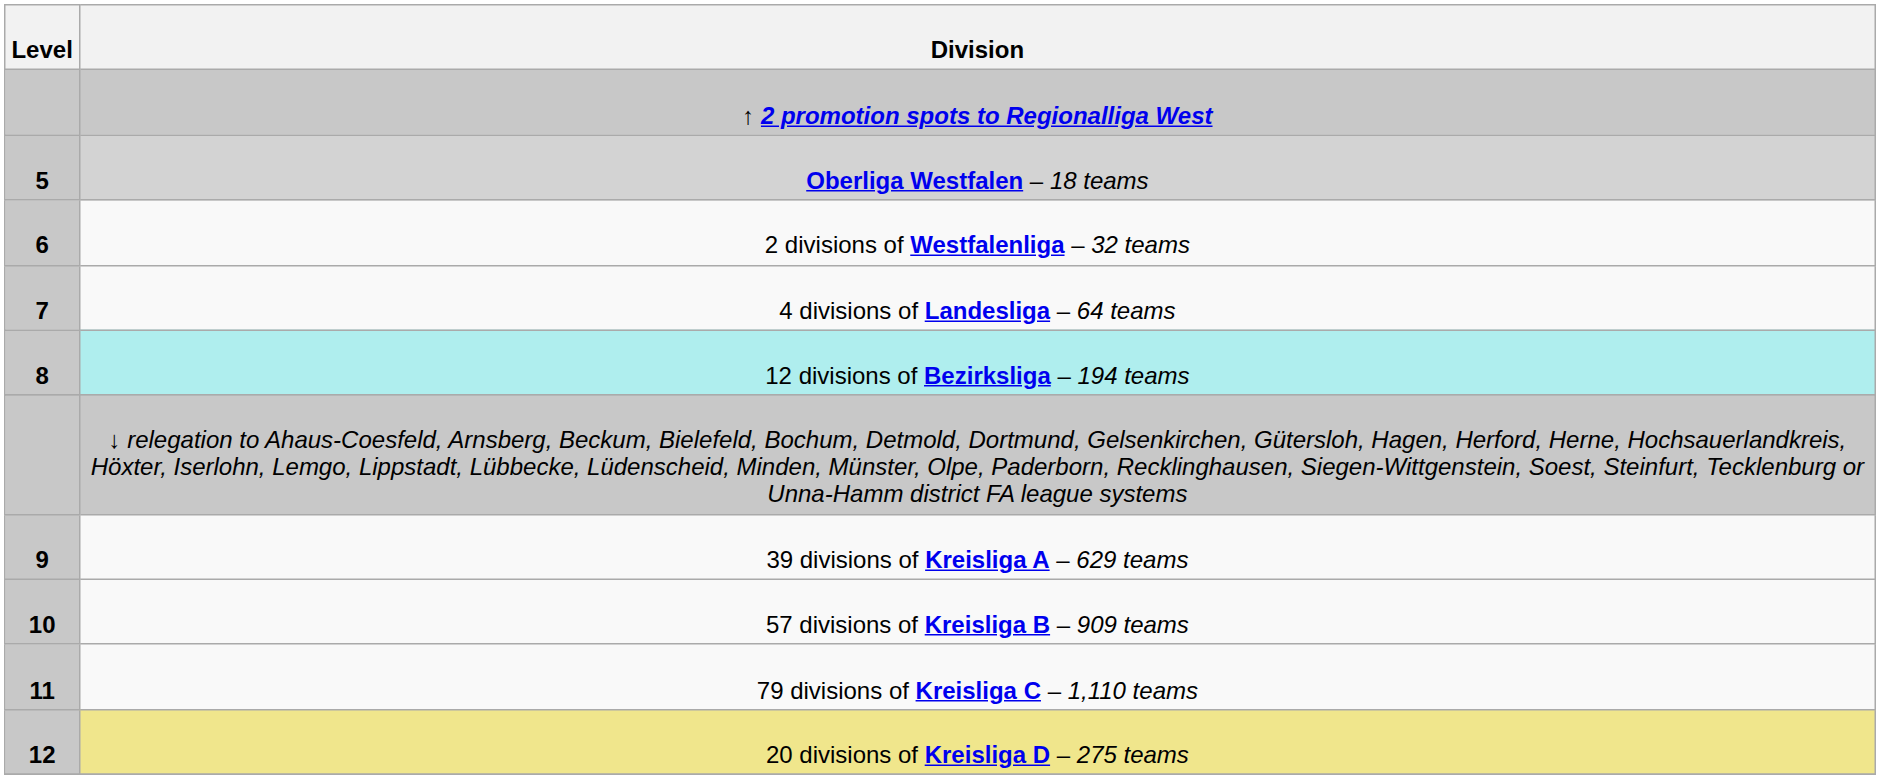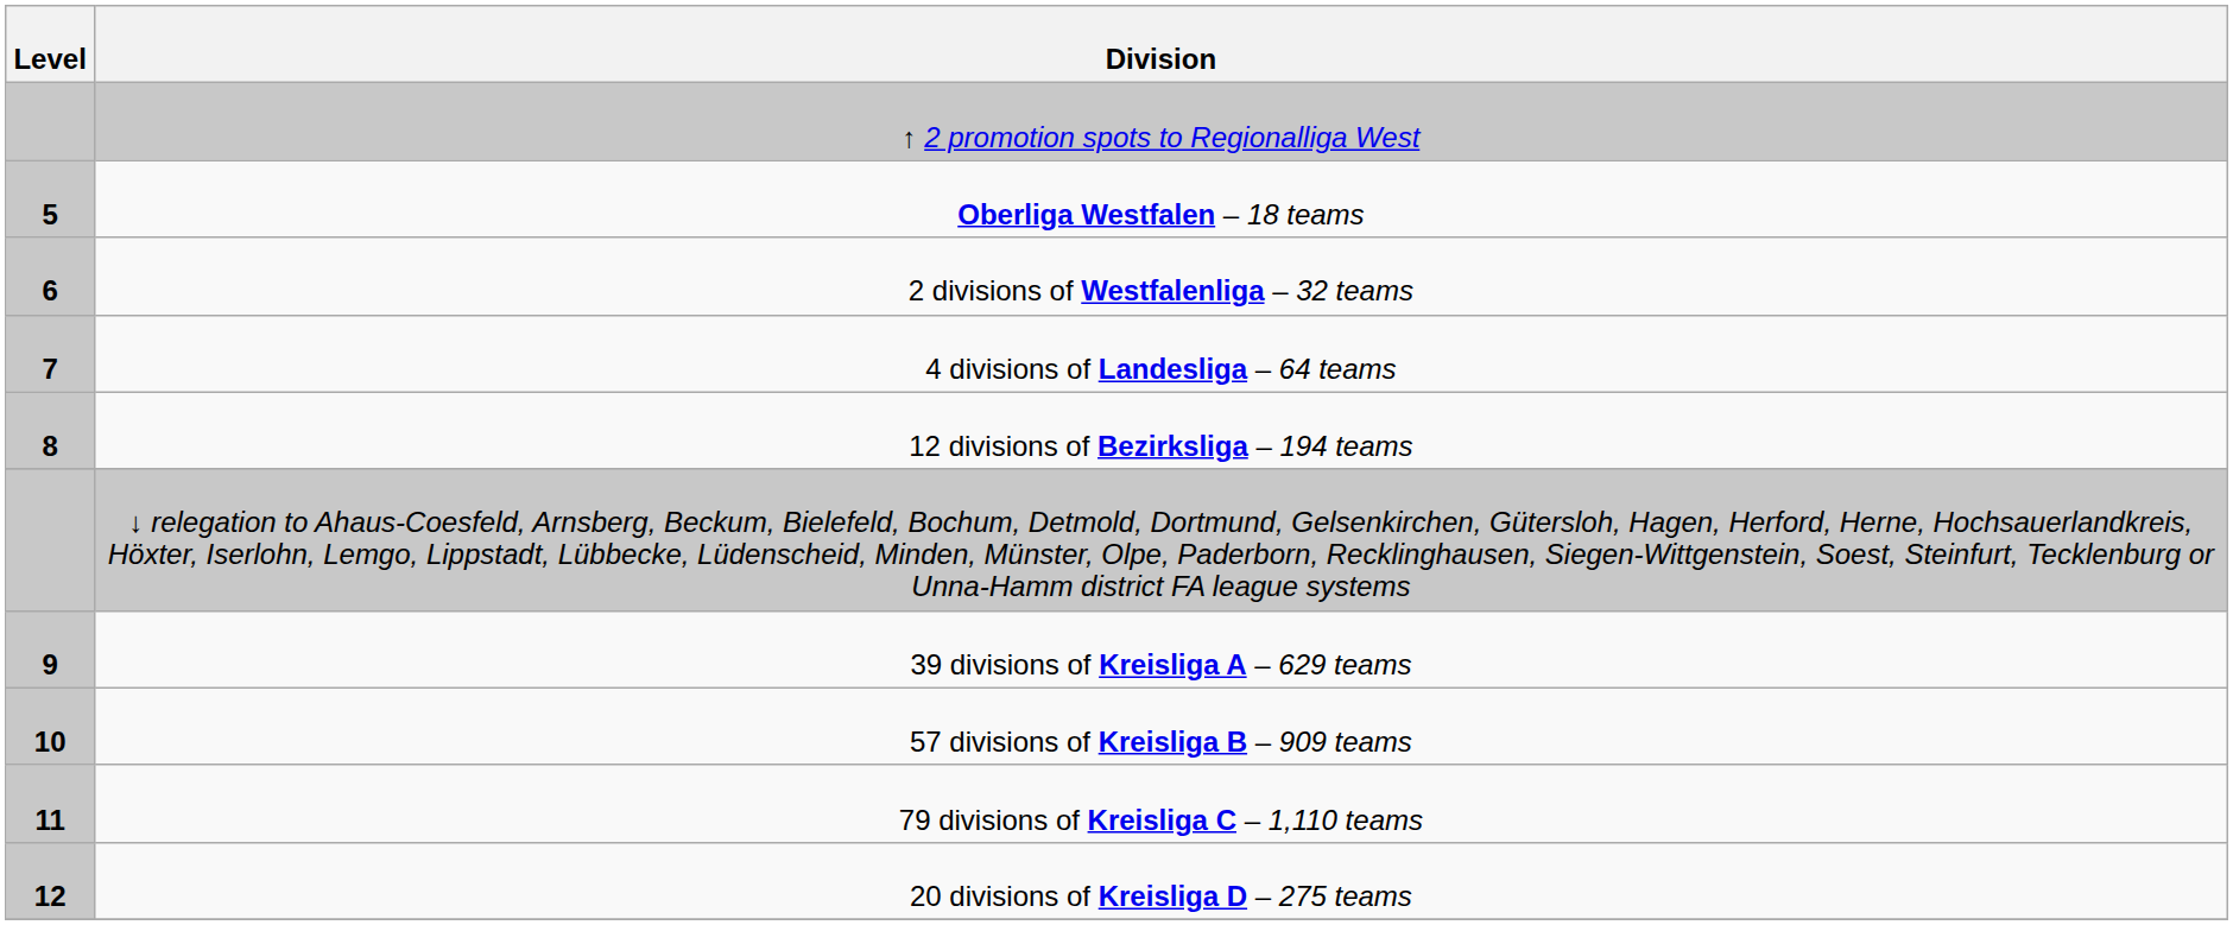 <table class="wikitable" style="text-align:center">
 <tr>
 <th colspan="1" width="4%"><br>Level</th>
 <th colspan="1"><br>Division</th>
 </tr>
 <tr style="background:#c8c8c8">
 <td colspan="1"></td>
-<td colspan="1"><strong><br><em>↑ <a href='#'>2 promotion spots to Regionalliga West</a></em></strong></td>
+<td colspan="1"><br><em>↑ <a href='#'>2 promotion spots to Regionalliga West</a></em></td>
 </tr>
 <tr>
 <td colspan="1" style="background:#c8c8c8"><br><strong>5</strong></td>
-<td colspan="1" style="background: lightgrey;"><br><strong><a href='#'>Oberliga Westfalen</a></strong> – <em>18 teams</em></td>
+<td colspan="1"><br><strong><a href='#'>Oberliga Westfalen</a></strong> – <em>18 teams</em></td>
 </tr>
 <tr>
 <td colspan="1" style="background:#c8c8c8"><br><strong>6</strong></td>
 <td colspan="1"><br>2 divisions of <strong><a href='#'>Westfalenliga</a></strong> – <em>32 teams</em></td>
 </tr>
 <tr>
 <td colspan="1" style="background:#c8c8c8"><br><strong>7</strong></td>
 <td colspan="1"><br>4 divisions of <strong><a href='#'>Landesliga</a></strong> – <em>64 teams</em></td>
 </tr>
 <tr>
 <td colspan="1" style="background:#c8c8c8"><br><strong>8</strong></td>
-<td colspan="1" style="background: paleturquoise;"><br>12 divisions of <strong><a href='#'>Bezirksliga</a></strong> – <em>194 teams</em></td>
+<td colspan="1"><br>12 divisions of <strong><a href='#'>Bezirksliga</a></strong> – <em>194 teams</em></td>
 </tr>
 <tr>
 </tr>
 <tr style="background:#c8c8c8">
 <td colspan="1"></td>
 <td colspan="1"><br><em>↓ relegation to Ahaus-Coesfeld, Arnsberg, Beckum, Bielefeld, Bochum, Detmold, Dortmund, Gelsenkirchen, Gütersloh, Hagen, Herford, Herne, Hochsauerlandkreis, Höxter, Iserlohn, Lemgo, Lippstadt, Lübbecke, Lüdenscheid, Minden, Münster, Olpe, Paderborn, Recklinghausen, Siegen-Wittgenstein, Soest, Steinfurt, Tecklenburg or Unna-Hamm district FA league systems</em></td>
 </tr>
 <tr>
 <td colspan="1" style="background:#c8c8c8"><br><strong>9</strong></td>
 <td colspan="1"><br>39 divisions of <strong><a href='#'>Kreisliga A</a></strong> – <em>629 teams</em></td>
 </tr>
 <tr>
 <td colspan="1" style="background:#c8c8c8"><br><strong>10</strong></td>
 <td colspan="1"><br>57 divisions of <strong><a href='#'>Kreisliga B</a></strong> – <em>909 teams</em></td>
 </tr>
 <tr>
 <td colspan="1" style="background:#c8c8c8"><br><strong>11</strong></td>
 <td colspan="1"><br>79 divisions of <strong><a href='#'>Kreisliga C</a></strong> – <em>1,110 teams</em></td>
 </tr>
 <tr>
 <td colspan="1" style="background:#c8c8c8"><br><strong>12</strong></td>
-<td colspan="1" style="background: khaki;"><br>20 divisions of <strong><a href='#'>Kreisliga D</a></strong> – <em>275 teams</em></td>
+<td colspan="1"><br>20 divisions of <strong><a href='#'>Kreisliga D</a></strong> – <em>275 teams</em></td>
 </tr>
 <tr>
 </tr>
 </table>
